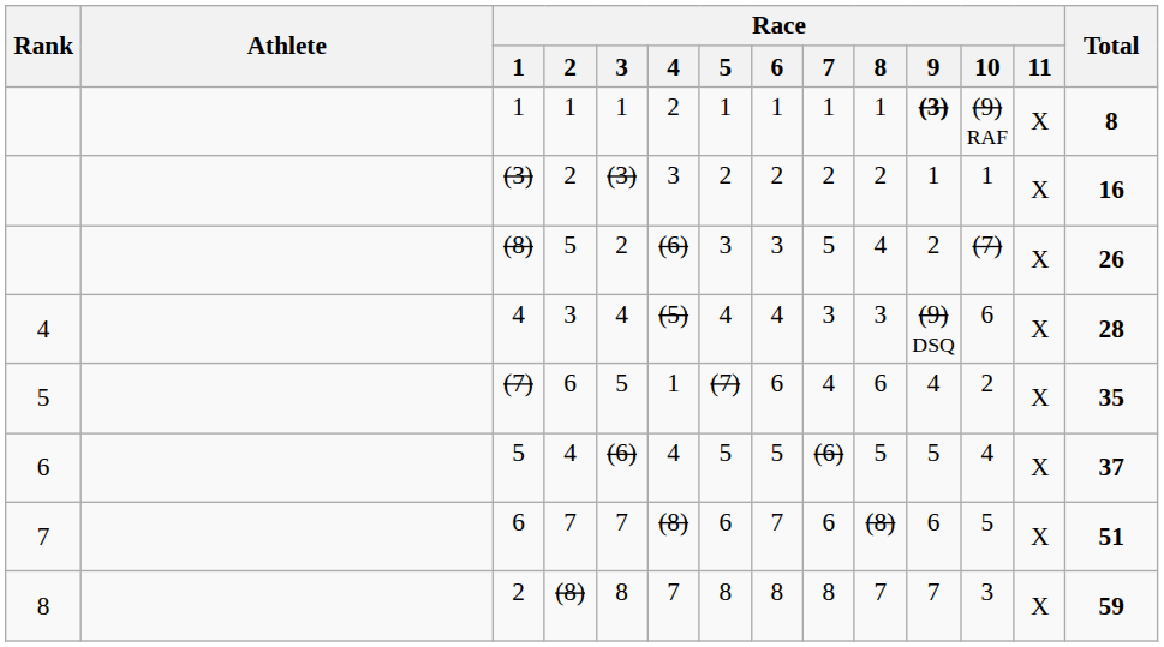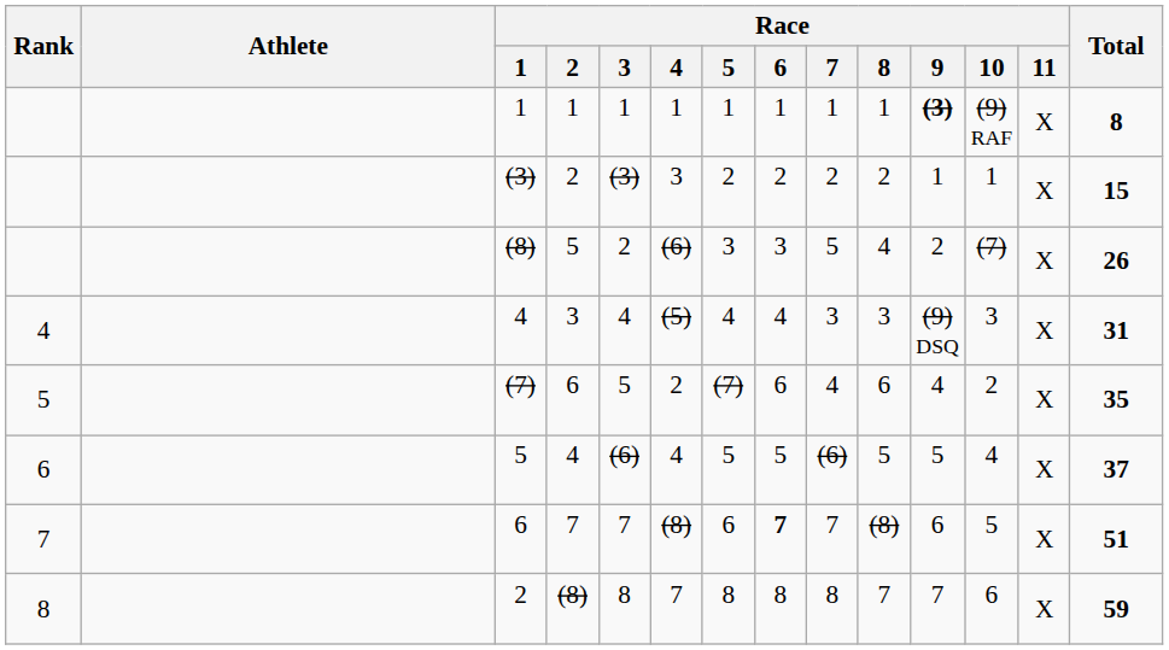 <table | class="wikitable" style="text-align:center">
 <tr>
 <th rowspan="2" width=40>Rank</th>
 <th rowspan="2" width=250>Athlete</th>
 <th colspan="11">Race</th>
 <th rowspan="2" width=50>Total</th>
 </tr>
 <tr>
 <th width=25>1</th>
 <th width=25>2</th>
 <th width=25>3</th>
 <th width=25>4</th>
 <th width=25>5</th>
 <th width=25>6</th>
 <th width=25>7</th>
 <th width=25>8</th>
 <th width=25>9</th>
 <th width=25>10</th>
 <th width=25>11</th>
 </tr>
 <tr>
 <td></td>
 <td align=left></td>
 <td>1<br> </td>
 <td>1<br> </td>
 <td>1<br> </td>
-<td>2<br> </td>
+<td>1<br> </td>
 <td>1<br> </td>
 <td>1<br> </td>
 <td>1<br> </td>
 <td>1<br> </td>
 <td><strong><s>(3)</s><br> </strong></td>
 <td><s>(9)</s><br><small>RAF</small></td>
 <td>X</td>
 <td><strong>8</strong></td>
 </tr>
 <tr>
 <td></td>
 <td align=left></td>
 <td><s>(3)</s><br> </td>
 <td>2<br> </td>
 <td><s>(3)</s><br> </td>
 <td>3<br> </td>
 <td>2<br> </td>
 <td>2<br> </td>
 <td>2<br> </td>
 <td>2<br> </td>
 <td>1<br> </td>
 <td>1<br> </td>
 <td>X</td>
-<td><strong>16</strong></td>
+<td><strong>15</strong></td>
 </tr>
 <tr>
 <td></td>
 <td align=left></td>
 <td><s>(8)</s><br> </td>
 <td>5<br> </td>
 <td>2<br> </td>
 <td><s>(6)</s><br> </td>
 <td>3<br> </td>
 <td>3<br> </td>
 <td>5<br> </td>
 <td>4<br> </td>
 <td>2<br> </td>
 <td><s>(7)</s><br> </td>
 <td>X</td>
 <td><strong>26</strong></td>
 </tr>
 <tr>
 <td>4</td>
 <td align=left></td>
 <td>4<br> </td>
 <td>3<br> </td>
 <td>4<br> </td>
 <td><s>(5)</s><br> </td>
 <td>4<br> </td>
 <td>4<br> </td>
 <td>3<br> </td>
 <td>3<br> </td>
 <td><s>(9)</s><br><small>DSQ</small></td>
-<td>6<br> </td>
+<td>3<br> </td>
 <td>X</td>
-<td><strong>28</strong></td>
+<td><strong>31</strong></td>
 </tr>
 <tr>
 <td>5</td>
 <td align=left></td>
 <td><s>(7)</s><br> </td>
 <td>6<br> </td>
 <td>5<br> </td>
-<td>1<br> </td>
+<td>2<br> </td>
 <td><s>(7)</s><br> </td>
 <td>6<br> </td>
 <td>4<br> </td>
 <td>6<br> </td>
 <td>4<br> </td>
 <td>2<br> </td>
 <td>X</td>
 <td><strong>35</strong></td>
 </tr>
 <tr>
 <td>6</td>
 <td align=left></td>
 <td>5<br> </td>
 <td>4<br> </td>
 <td><s>(6)</s><br> </td>
 <td>4<br> </td>
 <td>5<br> </td>
 <td>5<br> </td>
 <td><s>(6)</s><br> </td>
 <td>5<br> </td>
 <td>5<br> </td>
 <td>4<br> </td>
 <td>X</td>
 <td><strong>37</strong></td>
 </tr>
 <tr>
 <td>7</td>
 <td align=left></td>
 <td>6<br> </td>
 <td>7<br> </td>
 <td>7<br> </td>
 <td><s>(8)</s><br> </td>
 <td>6<br> </td>
+<td><strong>7<br> </strong></td>
 <td>7<br> </td>
-<td>6<br> </td>
 <td><s>(8)</s><br> </td>
 <td>6<br> </td>
 <td>5<br> </td>
 <td>X</td>
 <td><strong>51</strong></td>
 </tr>
 <tr>
 <td>8</td>
 <td align=left></td>
 <td>2<br> </td>
 <td><s>(8)</s><br> </td>
 <td>8<br> </td>
 <td>7<br> </td>
 <td>8<br> </td>
 <td>8<br> </td>
 <td>8<br> </td>
 <td>7<br> </td>
 <td>7<br> </td>
-<td>3<br> </td>
+<td>6<br> </td>
 <td>X</td>
 <td><strong>59</strong></td>
 </tr>
 </table>
